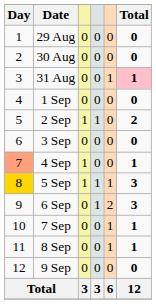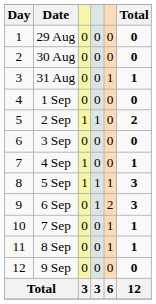 <table class="wikitable" style="text-align:center">
 <tr style="background:#efefef;">
 </tr>
 <tr>
 <th>Day</th>
 <th>Date</th>
 <th style="background:#F7F6A8;"></th>
 <th style="background:#DCE5E5;"></th>
 <th style="background:#FFDAB9;"></th>
 <th>Total</th>
 </tr>
 <tr>
 <td>1</td>
 <td>29 Aug</td>
 <td style="background:#F7F6A8;">0</td>
 <td style="background:#DCE5E5;">0</td>
 <td style="background:#FFDAB9;">0</td>
 <td><strong>0</strong></td>
 </tr>
 <tr>
 <td>2</td>
 <td>30 Aug</td>
 <td style="background:#F7F6A8;">0</td>
 <td style="background:#DCE5E5;">0</td>
 <td style="background:#FFDAB9;">0</td>
 <td><strong>0</strong></td>
 </tr>
 <tr>
 <td>3</td>
 <td>31 Aug</td>
 <td style="background:#F7F6A8;">0</td>
 <td style="background:#DCE5E5;">0</td>
 <td style="background:#FFDAB9;">1</td>
-<td style="background: pink;"><strong>1</strong></td>
+<td><strong>1</strong></td>
 </tr>
 <tr>
 <td>4</td>
 <td>1 Sep</td>
 <td style="background:#F7F6A8;">0</td>
 <td style="background:#DCE5E5;">0</td>
 <td style="background:#FFDAB9;">0</td>
 <td><strong>0</strong></td>
 </tr>
 <tr>
 <td>5</td>
 <td>2 Sep</td>
 <td style="background:#F7F6A8;">1</td>
 <td style="background:#DCE5E5;">1</td>
 <td style="background:#FFDAB9;">0</td>
 <td><strong>2</strong></td>
 </tr>
 <tr>
 <td>6</td>
 <td>3 Sep</td>
 <td style="background:#F7F6A8;">0</td>
 <td style="background:#DCE5E5;">0</td>
 <td style="background:#FFDAB9;">0</td>
 <td><strong>0</strong></td>
 </tr>
 <tr>
-<td style="background: lightsalmon;">7</td>
+<td>7</td>
 <td>4 Sep</td>
 <td style="background:#F7F6A8;">1</td>
 <td style="background:#DCE5E5;">0</td>
 <td style="background:#FFDAB9;">0</td>
 <td><strong>1</strong></td>
 </tr>
 <tr>
-<td style="background: gold;">8</td>
+<td>8</td>
 <td>5 Sep</td>
 <td style="background:#F7F6A8;">1</td>
 <td style="background:#DCE5E5;">1</td>
 <td style="background:#FFDAB9;">1</td>
 <td><strong>3</strong></td>
 </tr>
 <tr>
 <td>9</td>
 <td>6 Sep</td>
 <td style="background:#F7F6A8;">0</td>
 <td style="background:#DCE5E5;">1</td>
 <td style="background:#FFDAB9;">2</td>
 <td><strong>3</strong></td>
 </tr>
 <tr>
 <td>10</td>
 <td>7 Sep</td>
 <td style="background:#F7F6A8;">0</td>
 <td style="background:#DCE5E5;">0</td>
 <td style="background:#FFDAB9;">1</td>
 <td><strong>1</strong></td>
 </tr>
 <tr>
 <td>11</td>
 <td>8 Sep</td>
 <td style="background:#F7F6A8;">0</td>
 <td style="background:#DCE5E5;">0</td>
 <td style="background:#FFDAB9;">1</td>
 <td><strong>1</strong></td>
 </tr>
 <tr>
 <td>12</td>
 <td>9 Sep</td>
 <td style="background:#F7F6A8;">0</td>
 <td style="background:#DCE5E5;">0</td>
 <td style="background:#FFDAB9;">0</td>
 <td><strong>0</strong></td>
 </tr>
 <tr>
 <th colspan="2"><strong>Total</strong></th>
 <th><strong>3</strong></th>
 <th><strong>3</strong></th>
 <th><strong>6</strong></th>
 <th><strong>12</strong></th>
 </tr>
 <tr>
 </tr>
 </table>
